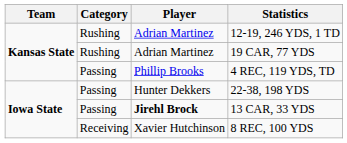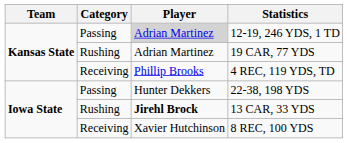 <table class="wikitable" style="float: right;">
 <tr>
 <th>Team</th>
 <th>Category</th>
 <th>Player</th>
 <th>Statistics</th>
 </tr>
 <tr>
 <td rowspan=3><strong>Kansas State</strong></td>
-<td>Rushing</td>
-<td><a href='#'>Adrian Martinez</a></td>
+<td>Passing</td>
+<td style="background: lightgrey;"><a href='#'>Adrian Martinez</a></td>
 <td>12-19, 246 YDS, 1 TD</td>
 </tr>
 <tr>
 <td>Rushing</td>
 <td>Adrian Martinez</td>
 <td>19 CAR, 77 YDS</td>
 </tr>
 <tr>
-<td>Passing</td>
+<td>Receiving</td>
 <td><a href='#'>Phillip Brooks</a></td>
 <td>4 REC, 119 YDS, TD</td>
 </tr>
 <tr>
 <td rowspan=3><strong>Iowa State</strong></td>
 <td>Passing</td>
 <td>Hunter Dekkers</td>
 <td>22-38, 198 YDS</td>
 </tr>
 <tr>
-<td>Passing</td>
+<td>Rushing</td>
 <td><strong>Jirehl Brock</strong></td>
 <td>13 CAR, 33 YDS</td>
 </tr>
 <tr>
 <td>Receiving</td>
 <td>Xavier Hutchinson</td>
 <td>8 REC, 100 YDS</td>
 </tr>
 </table>
